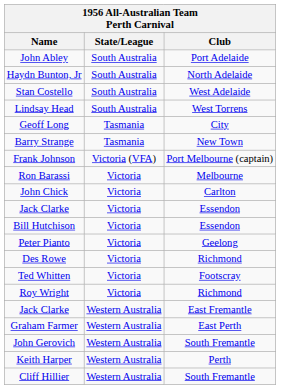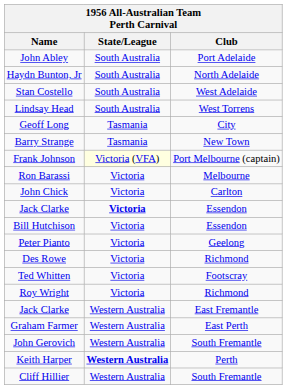 <table class="wikitable" style="text-align: center">
 <tr>
 <th colspan="10">1956 All-Australian Team<br>Perth Carnival</th>
 </tr>
 <tr>
 <th>Name</th>
 <th>State/League</th>
 <th>Club</th>
 </tr>
 <tr>
 <td><a href='#'>John Abley</a></td>
 <td><a href='#'>South Australia</a></td>
 <td><a href='#'>Port Adelaide</a></td>
 </tr>
 <tr>
 <td><a href='#'>Haydn Bunton, Jr</a></td>
 <td><a href='#'>South Australia</a></td>
 <td><a href='#'>North Adelaide</a></td>
 </tr>
 <tr>
 <td><a href='#'>Stan Costello</a></td>
 <td><a href='#'>South Australia</a></td>
 <td><a href='#'>West Adelaide</a></td>
 </tr>
 <tr>
 <td><a href='#'>Lindsay Head</a></td>
 <td><a href='#'>South Australia</a></td>
 <td><a href='#'>West Torrens</a></td>
 </tr>
 <tr>
 <td><a href='#'>Geoff Long</a></td>
 <td><a href='#'>Tasmania</a></td>
 <td><a href='#'>City</a></td>
 </tr>
 <tr>
 <td><a href='#'>Barry Strange</a></td>
 <td><a href='#'>Tasmania</a></td>
 <td><a href='#'>New Town</a></td>
 </tr>
 <tr>
 <td><a href='#'>Frank Johnson</a></td>
-<td><a href='#'>Victoria</a> (<a href='#'>VFA</a>)</td>
+<td style="background: lightyellow;"><a href='#'>Victoria</a> (<a href='#'>VFA</a>)</td>
 <td><a href='#'>Port Melbourne</a> (captain)</td>
 </tr>
 <tr>
 <td><a href='#'>Ron Barassi</a></td>
 <td><a href='#'>Victoria</a></td>
 <td><a href='#'>Melbourne</a></td>
 </tr>
 <tr>
 <td><a href='#'>John Chick</a></td>
 <td><a href='#'>Victoria</a></td>
 <td><a href='#'>Carlton</a></td>
 </tr>
 <tr>
 <td><a href='#'>Jack Clarke</a></td>
-<td><a href='#'>Victoria</a></td>
+<td><strong><a href='#'>Victoria</a></strong></td>
 <td><a href='#'>Essendon</a></td>
 </tr>
 <tr>
 <td><a href='#'>Bill Hutchison</a></td>
 <td><a href='#'>Victoria</a></td>
 <td><a href='#'>Essendon</a></td>
 </tr>
 <tr>
 <td><a href='#'>Peter Pianto</a></td>
 <td><a href='#'>Victoria</a></td>
 <td><a href='#'>Geelong</a></td>
 </tr>
 <tr>
 <td><a href='#'>Des Rowe</a></td>
 <td><a href='#'>Victoria</a></td>
 <td><a href='#'>Richmond</a></td>
 </tr>
 <tr>
 <td><a href='#'>Ted Whitten</a></td>
 <td><a href='#'>Victoria</a></td>
 <td><a href='#'>Footscray</a></td>
 </tr>
 <tr>
 <td><a href='#'>Roy Wright</a></td>
 <td><a href='#'>Victoria</a></td>
 <td><a href='#'>Richmond</a></td>
 </tr>
 <tr>
 <td><a href='#'>Jack Clarke</a></td>
 <td><a href='#'>Western Australia</a></td>
 <td><a href='#'>East Fremantle</a></td>
 </tr>
 <tr>
 <td><a href='#'>Graham Farmer</a></td>
 <td><a href='#'>Western Australia</a></td>
 <td><a href='#'>East Perth</a></td>
 </tr>
 <tr>
 <td><a href='#'>John Gerovich</a></td>
 <td><a href='#'>Western Australia</a></td>
 <td><a href='#'>South Fremantle</a></td>
 </tr>
 <tr>
 <td><a href='#'>Keith Harper</a></td>
-<td><a href='#'>Western Australia</a></td>
+<td><strong><a href='#'>Western Australia</a></strong></td>
 <td><a href='#'>Perth</a></td>
 </tr>
 <tr>
 <td><a href='#'>Cliff Hillier</a></td>
 <td><a href='#'>Western Australia</a></td>
 <td><a href='#'>South Fremantle</a></td>
 </tr>
 </table>
